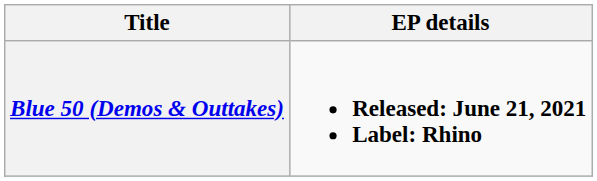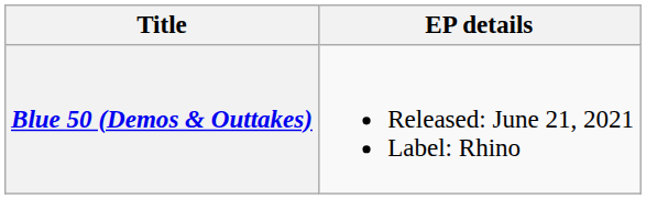 <table class="wikitable plainrowheaders">
 <tr>
 <th>Title</th>
 <th>EP details</th>
 </tr>
 <tr>
 <th scope="row"><em><a href='#'>Blue 50 (Demos & Outtakes)</a></em></th>
-<td><strong><br><ul><li>Released: June 21, 2021</li><li>Label: Rhino</li></ul></strong></td>
+<td><br><ul><li>Released: June 21, 2021</li><li>Label: Rhino</li></ul></td>
 </tr>
 </table>
